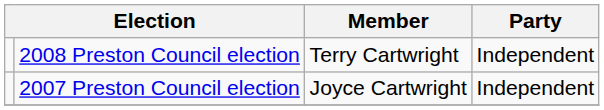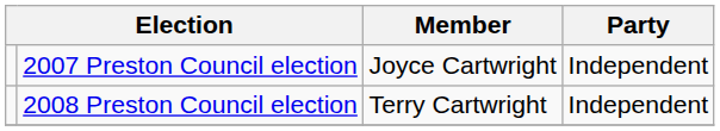 <table class="wikitable">
 <tr>
 <th colspan="2">Election</th>
 <th>Member</th>
 <th>Party</th>
 </tr>
 <tr>
 <td style="background-color: "></td>
+<td><a href='#'>2007 Preston Council election</a></td>
+<td>Joyce Cartwright</td>
+<td>Independent</td>
+</tr>
+<tr>
+<td style="background-color: "></td>
 <td><a href='#'>2008 Preston Council election</a></td>
 <td>Terry Cartwright</td>
 <td>Independent</td>
 </tr>
 <tr>
-<td style="background-color: "></td>
-<td><a href='#'>2007 Preston Council election</a></td>
-<td>Joyce Cartwright</td>
-<td>Independent</td>
-</tr>
-<tr>
 </tr>
 </table>
